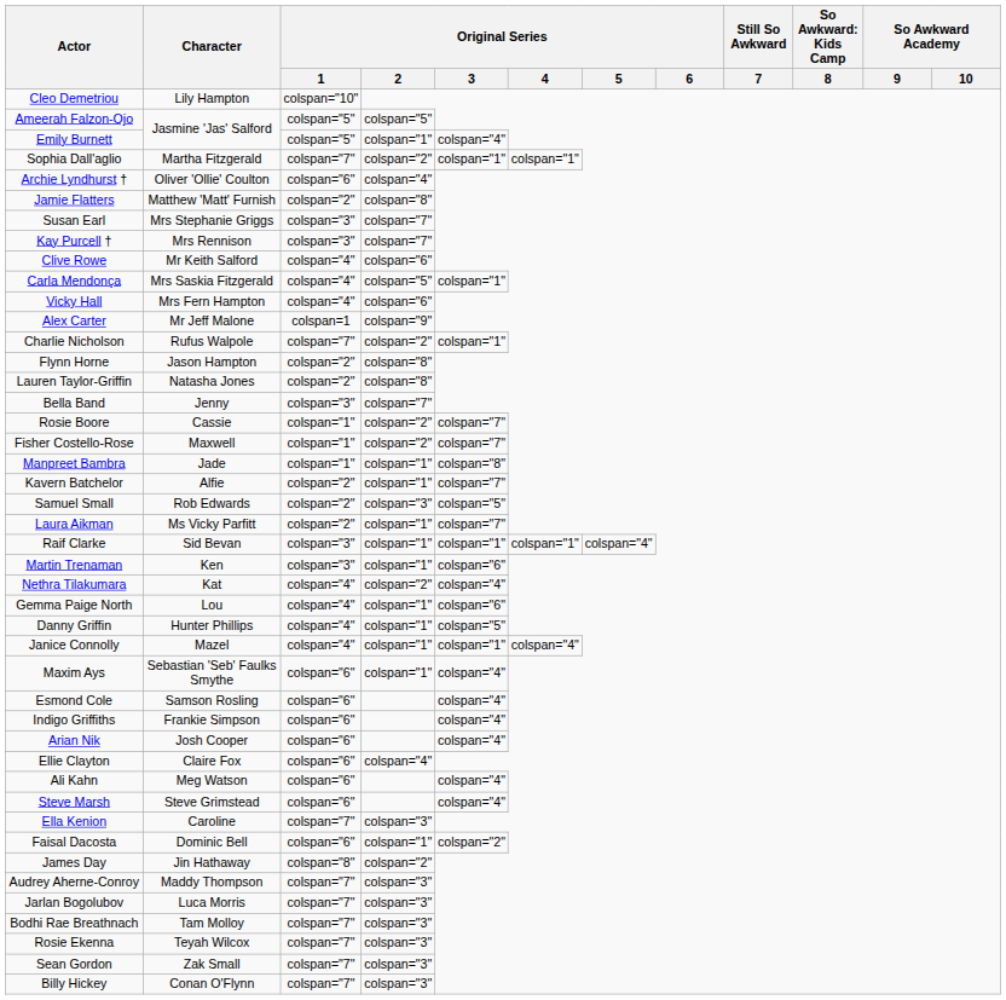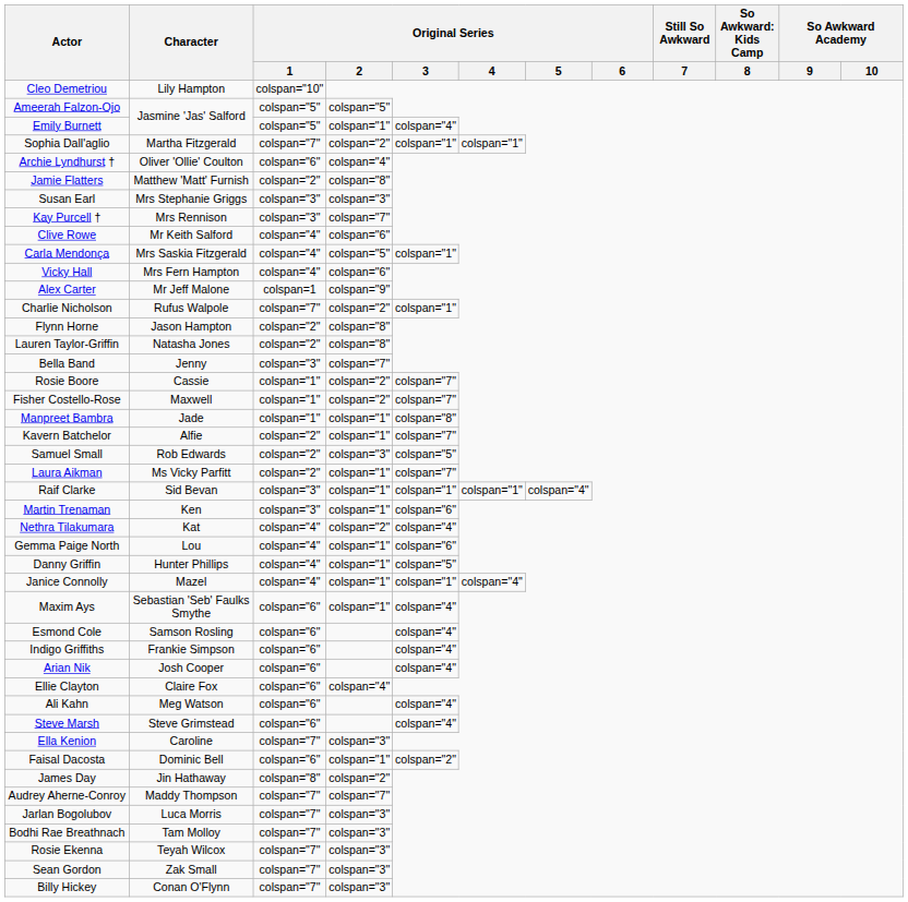 <table class="wikitable plainrowheaders" style="text-align:center">
 <tr>
 <th rowspan="2" style="width:14%;" scope="col">Actor</th>
 <th rowspan="2" style="width:14%;" scope="col">Character</th>
 <th colspan="6">Original Series</th>
 <th>Still So Awkward</th>
 <th>So Awkward: Kids Camp</th>
 <th colspan="2">So Awkward Academy</th>
 </tr>
 <tr>
 <th style="width:7%;" scope="col">1</th>
 <th style="width:7%;" scope="col">2</th>
 <th style="width:7%;" scope="col">3</th>
 <th style="width:7%;" scope="col">4</th>
 <th style="width:7%;" scope="col">5</th>
 <th style="width:7%;" scope="col">6</th>
 <th style="width:7%;" scope="col">7</th>
 <th style="width:7%;" scope="col">8</th>
 <th style="width:7%;" scope="col">9</th>
 <th style="width:7%;" scope="col">10</th>
 </tr>
 <tr>
 <td><a href='#'>Cleo Demetriou</a></td>
 <td>Lily Hampton</td>
 <td>colspan="10" </td>
 </tr>
 <tr>
 <td><a href='#'>Ameerah Falzon-Ojo</a></td>
 <td rowspan="2">Jasmine 'Jas' Salford</td>
 <td>colspan="5" </td>
 <td>colspan="5" </td>
 </tr>
 <tr>
 <td><a href='#'>Emily Burnett</a></td>
 <td>colspan="5" </td>
 <td>colspan="1" </td>
 <td>colspan="4" </td>
 </tr>
 <tr>
 <td>Sophia Dall'aglio</td>
 <td>Martha Fitzgerald</td>
 <td>colspan="7" </td>
 <td>colspan="2" </td>
 <td>colspan="1" </td>
 <td>colspan="1" </td>
 </tr>
 <tr>
 <td><a href='#'>Archie Lyndhurst</a> †</td>
 <td>Oliver 'Ollie' Coulton</td>
 <td>colspan="6" </td>
 <td>colspan="4" </td>
 </tr>
 <tr>
 <td><a href='#'>Jamie Flatters</a></td>
 <td>Matthew 'Matt' Furnish</td>
 <td>colspan="2" </td>
 <td>colspan="8" </td>
 </tr>
 <tr>
 <td>Susan Earl</td>
 <td>Mrs Stephanie Griggs</td>
 <td>colspan="3" </td>
-<td>colspan="7" </td>
+<td>colspan="3" </td>
 </tr>
 <tr>
 <td><a href='#'>Kay Purcell</a> †</td>
 <td>Mrs Rennison</td>
 <td>colspan="3" </td>
 <td>colspan="7" </td>
 </tr>
 <tr>
 <td><a href='#'>Clive Rowe</a></td>
 <td>Mr Keith Salford</td>
 <td>colspan="4" </td>
 <td>colspan="6" </td>
 </tr>
 <tr>
 <td><a href='#'>Carla Mendonça</a></td>
 <td>Mrs Saskia Fitzgerald</td>
 <td>colspan="4" </td>
 <td>colspan="5" </td>
 <td>colspan="1" </td>
 </tr>
 <tr>
 <td><a href='#'>Vicky Hall</a></td>
 <td>Mrs Fern Hampton</td>
 <td>colspan="4" </td>
 <td>colspan="6" </td>
 </tr>
 <tr>
 <td><a href='#'>Alex Carter</a></td>
 <td>Mr Jeff Malone</td>
 <td>colspan=1 </td>
 <td>colspan="9" </td>
 </tr>
 <tr>
 <td>Charlie Nicholson</td>
 <td>Rufus Walpole</td>
 <td>colspan="7" </td>
 <td>colspan="2" </td>
 <td>colspan="1" </td>
 </tr>
 <tr>
 <td>Flynn Horne</td>
 <td>Jason Hampton</td>
 <td>colspan="2" </td>
 <td>colspan="8" </td>
 </tr>
 <tr>
 <td>Lauren Taylor-Griffin</td>
 <td>Natasha Jones</td>
 <td>colspan="2" </td>
 <td>colspan="8" </td>
 </tr>
 <tr>
 <td>Bella Band</td>
 <td>Jenny</td>
 <td>colspan="3" </td>
 <td>colspan="7" </td>
 </tr>
 <tr>
 <td>Rosie Boore</td>
 <td>Cassie</td>
 <td>colspan="1" </td>
 <td>colspan="2" </td>
 <td>colspan="7" </td>
 </tr>
 <tr>
 <td>Fisher Costello-Rose</td>
 <td>Maxwell</td>
 <td>colspan="1" </td>
 <td>colspan="2" </td>
 <td>colspan="7" </td>
 </tr>
 <tr>
 <td><a href='#'>Manpreet Bambra</a></td>
 <td>Jade</td>
 <td>colspan="1" </td>
 <td>colspan="1" </td>
 <td>colspan="8" </td>
 </tr>
 <tr>
 <td>Kavern Batchelor</td>
 <td>Alfie</td>
 <td>colspan="2" </td>
 <td>colspan="1" </td>
 <td>colspan="7" </td>
 </tr>
 <tr>
 <td>Samuel Small</td>
 <td>Rob Edwards</td>
 <td>colspan="2" </td>
 <td>colspan="3" </td>
 <td>colspan="5" </td>
 </tr>
 <tr>
 <td><a href='#'>Laura Aikman</a></td>
 <td>Ms Vicky Parfitt</td>
 <td>colspan="2" </td>
 <td>colspan="1" </td>
 <td>colspan="7" </td>
 </tr>
 <tr>
 <td>Raif Clarke</td>
 <td>Sid Bevan</td>
 <td>colspan="3" </td>
 <td>colspan="1" </td>
 <td>colspan="1" </td>
 <td>colspan="1" </td>
 <td>colspan="4" </td>
 </tr>
 <tr>
 <td><a href='#'>Martin Trenaman</a></td>
 <td>Ken</td>
 <td>colspan="3" </td>
 <td>colspan="1" </td>
 <td>colspan="6" </td>
 </tr>
 <tr>
 <td><a href='#'>Nethra Tilakumara</a></td>
 <td>Kat</td>
 <td>colspan="4" </td>
 <td>colspan="2" </td>
 <td>colspan="4" </td>
 </tr>
 <tr>
 <td>Gemma Paige North</td>
 <td>Lou</td>
 <td>colspan="4" </td>
 <td>colspan="1" </td>
 <td>colspan="6" </td>
 </tr>
 <tr>
 <td>Danny Griffin</td>
 <td>Hunter Phillips</td>
 <td>colspan="4" </td>
 <td>colspan="1" </td>
 <td>colspan="5" </td>
 </tr>
 <tr>
 <td>Janice Connolly</td>
 <td>Mazel</td>
 <td>colspan="4" </td>
 <td>colspan="1" </td>
 <td>colspan="1" </td>
 <td>colspan="4" </td>
 </tr>
 <tr>
 <td>Maxim Ays</td>
 <td>Sebastian 'Seb' Faulks Smythe</td>
 <td>colspan="6" </td>
 <td>colspan="1" </td>
 <td>colspan="4" </td>
 </tr>
 <tr>
 <td>Esmond Cole</td>
 <td>Samson Rosling</td>
 <td>colspan="6" </td>
 <td></td>
 <td>colspan="4" </td>
 </tr>
 <tr>
 <td>Indigo Griffiths</td>
 <td>Frankie Simpson</td>
 <td>colspan="6" </td>
 <td></td>
 <td>colspan="4" </td>
 </tr>
 <tr>
 <td><a href='#'>Arian Nik</a></td>
 <td>Josh Cooper</td>
 <td>colspan="6" </td>
 <td></td>
 <td>colspan="4" </td>
 </tr>
 <tr>
 <td>Ellie Clayton</td>
 <td>Claire Fox</td>
 <td>colspan="6" </td>
 <td>colspan="4" </td>
 </tr>
 <tr>
 <td>Ali Kahn</td>
 <td>Meg Watson</td>
 <td>colspan="6" </td>
 <td></td>
 <td>colspan="4" </td>
 </tr>
 <tr>
 <td><a href='#'>Steve Marsh</a></td>
 <td>Steve Grimstead</td>
 <td>colspan="6" </td>
 <td></td>
 <td>colspan="4" </td>
 </tr>
 <tr>
 <td><a href='#'>Ella Kenion</a></td>
 <td>Caroline</td>
 <td>colspan="7" </td>
 <td>colspan="3" </td>
 </tr>
 <tr>
 <td>Faisal Dacosta</td>
 <td>Dominic Bell</td>
 <td>colspan="6" </td>
 <td>colspan="1" </td>
 <td>colspan="2" </td>
 </tr>
 <tr>
 <td>James Day</td>
 <td>Jin Hathaway</td>
 <td>colspan="8" </td>
 <td>colspan="2" </td>
 </tr>
 <tr>
 <td>Audrey Aherne-Conroy</td>
 <td>Maddy Thompson</td>
 <td>colspan="7" </td>
-<td>colspan="3" </td>
+<td>colspan="7" </td>
 </tr>
 <tr>
 <td>Jarlan Bogolubov</td>
 <td>Luca Morris</td>
 <td>colspan="7" </td>
 <td>colspan="3" </td>
 </tr>
 <tr>
 <td>Bodhi Rae Breathnach</td>
 <td>Tam Molloy</td>
 <td>colspan="7" </td>
 <td>colspan="3" </td>
 </tr>
 <tr>
 <td>Rosie Ekenna</td>
 <td>Teyah Wilcox</td>
 <td>colspan="7" </td>
 <td>colspan="3" </td>
 </tr>
 <tr>
 <td>Sean Gordon</td>
 <td>Zak Small</td>
 <td>colspan="7" </td>
 <td>colspan="3" </td>
 </tr>
 <tr>
 <td>Billy Hickey</td>
 <td>Conan O'Flynn</td>
 <td>colspan="7" </td>
 <td>colspan="3" </td>
 </tr>
 </table>
